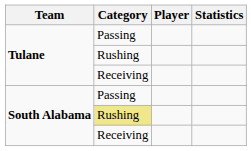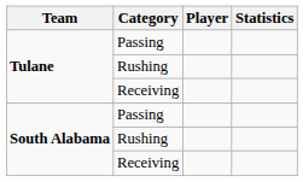 <table class="wikitable" style="float: right;">
 <tr>
 <th>Team</th>
 <th>Category</th>
 <th>Player</th>
 <th>Statistics</th>
 </tr>
 <tr>
 <td rowspan=3><strong>Tulane</strong></td>
 <td>Passing</td>
 <td></td>
 <td></td>
 </tr>
 <tr>
 <td>Rushing</td>
 <td></td>
 <td></td>
 </tr>
 <tr>
 <td>Receiving</td>
 <td></td>
 <td></td>
 </tr>
 <tr>
 <td rowspan=3><strong>South Alabama</strong></td>
 <td>Passing</td>
 <td></td>
 <td></td>
 </tr>
 <tr>
-<td style="background: khaki;">Rushing</td>
+<td>Rushing</td>
 <td></td>
 <td></td>
 </tr>
 <tr>
 <td>Receiving</td>
 <td></td>
 <td></td>
 </tr>
 </table>
